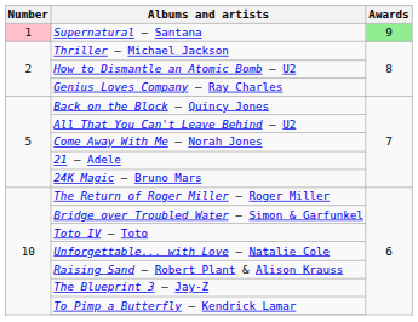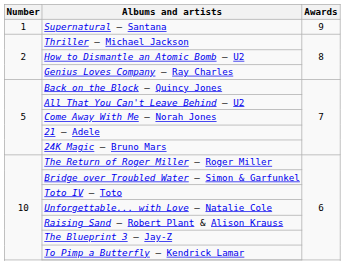 <table class="wikitable" style="text-align: center; cellpadding: 2;">
 <tr>
 <th>Number</th>
 <th>Albums and artists</th>
 <th>Awards</th>
 </tr>
 <tr>
-<td style="background: pink;">1</td>
+<td>1</td>
 <td style="text-align: left;"><em><a href='#'>Supernatural</a></em> — <a href='#'>Santana</a></td>
-<td style="background: lightgreen;">9</td>
+<td>9</td>
 </tr>
 <tr>
 <td rowspan="3">2</td>
 <td style="text-align: left;"><em><a href='#'>Thriller</a></em> — <a href='#'>Michael Jackson</a></td>
 <td rowspan="3">8</td>
 </tr>
 <tr>
 <td style="text-align: left;"><em><a href='#'>How to Dismantle an Atomic Bomb</a></em> — <a href='#'>U2</a></td>
 </tr>
 <tr>
 <td style="text-align: left;"><em><a href='#'>Genius Loves Company</a></em> — <a href='#'>Ray Charles</a></td>
 </tr>
 <tr>
 <td rowspan="5">5</td>
 <td style="text-align: left;"><em><a href='#'>Back on the Block</a></em> — <a href='#'>Quincy Jones</a></td>
 <td rowspan="5">7</td>
 </tr>
 <tr>
 <td style="text-align: left;"><em><a href='#'>All That You Can't Leave Behind</a></em> — <a href='#'>U2</a></td>
 </tr>
 <tr>
 <td style="text-align: left;"><em><a href='#'>Come Away With Me</a></em> — <a href='#'>Norah Jones</a></td>
 </tr>
 <tr>
 <td style="text-align: left;"><em><a href='#'>21</a></em> — <a href='#'>Adele</a></td>
 </tr>
 <tr>
 <td style="text-align: left;"><em><a href='#'>24K Magic</a></em> — <a href='#'>Bruno Mars</a></td>
 </tr>
 <tr>
 <td rowspan="8">10</td>
 <td style="text-align: left;"><em><a href='#'>The Return of Roger Miller</a></em> — <a href='#'>Roger Miller</a></td>
 <td rowspan="8">6</td>
 </tr>
 <tr>
 <td style="text-align: left;"><em><a href='#'>Bridge over Troubled Water</a></em> — <a href='#'>Simon & Garfunkel</a></td>
 </tr>
 <tr>
 <td style="text-align: left;"><em><a href='#'>Toto IV</a></em> — <a href='#'>Toto</a></td>
 </tr>
 <tr>
 <td style="text-align: left;"><em><a href='#'>Unforgettable... with Love</a></em> — <a href='#'>Natalie Cole</a></td>
 </tr>
 <tr>
 <td style="text-align: left;"><em><a href='#'>Raising Sand</a></em> — <a href='#'>Robert Plant</a> & <a href='#'>Alison Krauss</a></td>
 </tr>
 <tr>
 <td style="text-align: left;"><em><a href='#'>The Blueprint 3</a></em> — <a href='#'>Jay-Z</a></td>
 </tr>
 <tr>
 <td style="text-align: left;"><em><a href='#'>To Pimp a Butterfly</a></em> — <a href='#'>Kendrick Lamar</a></td>
 </tr>
 <tr>
 </tr>
 </table>
